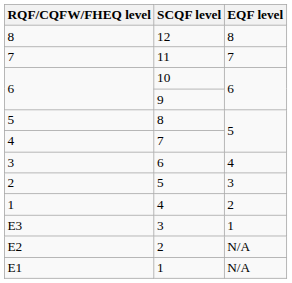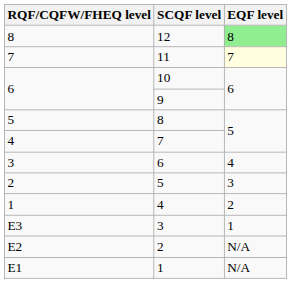 <table class="wikitable">
 <tr>
 <th>RQF/CQFW/FHEQ level</th>
 <th>SCQF level</th>
 <th>EQF level</th>
 </tr>
 <tr>
 <td>8</td>
 <td>12</td>
-<td>8</td>
+<td style="background: lightgreen;">8</td>
 </tr>
 <tr>
 <td>7</td>
 <td>11</td>
-<td>7</td>
+<td style="background: lightyellow;">7</td>
 </tr>
 <tr>
 <td rowspan=2>6</td>
 <td>10</td>
 <td rowspan=2>6</td>
 </tr>
 <tr>
 <td>9</td>
 </tr>
 <tr>
 <td>5</td>
 <td>8</td>
 <td rowspan=2>5</td>
 </tr>
 <tr>
 <td>4</td>
 <td>7</td>
 </tr>
 <tr>
 <td>3</td>
 <td>6</td>
 <td>4</td>
 </tr>
 <tr>
 <td>2</td>
 <td>5</td>
 <td>3</td>
 </tr>
 <tr>
 <td>1</td>
 <td>4</td>
 <td>2</td>
 </tr>
 <tr>
 <td>E3</td>
 <td>3</td>
 <td>1</td>
 </tr>
 <tr>
 <td>E2</td>
 <td>2</td>
 <td>N/A</td>
 </tr>
 <tr>
 <td>E1</td>
 <td>1</td>
 <td>N/A</td>
 </tr>
 </table>
